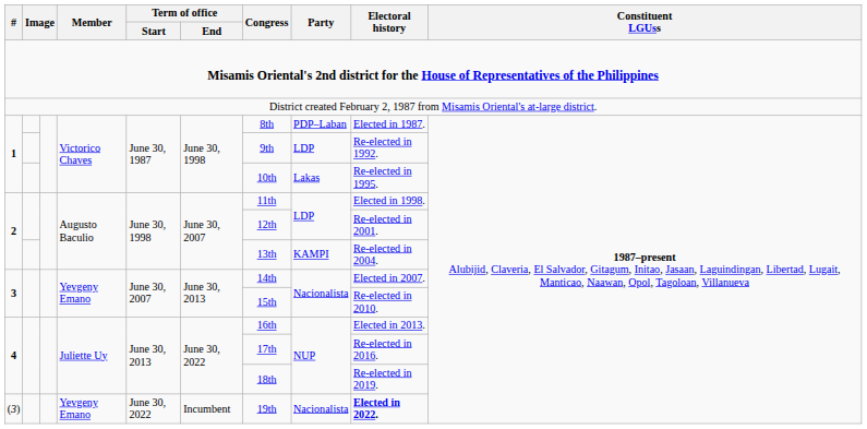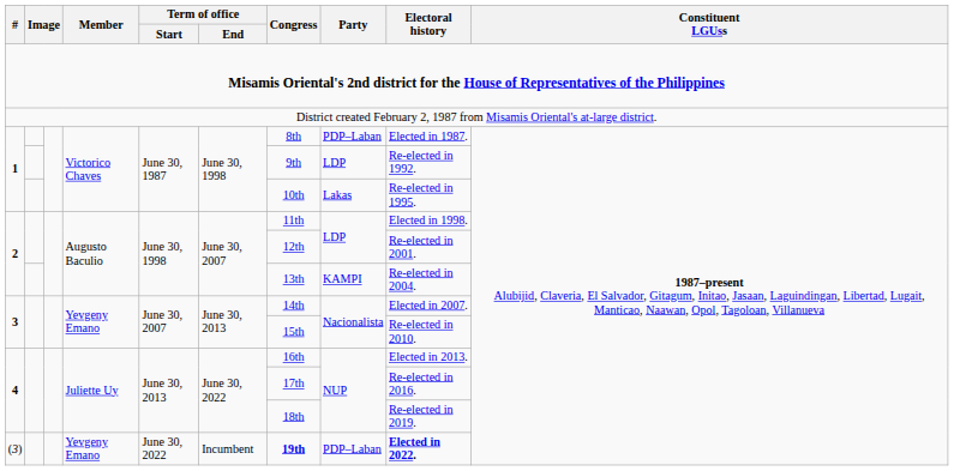 <table class=wikitable>
 <tr>
 <th rowspan="2">#</th>
 <th rowspan="2" colspan=2>Image</th>
 <th rowspan="2">Member</th>
 <th colspan=2>Term of office</th>
 <th rowspan="2">Congress</th>
 <th rowspan="2">Party</th>
 <th rowspan="2">Electoral history</th>
 <th rowspan="2">Constituent<br><a href='#'>LGUs</a>s</th>
 </tr>
 <tr>
 <th>Start</th>
 <th>End</th>
 </tr>
 <tr>
 <td colspan="10" style="text-align:center;"><br><h3>Misamis Oriental's 2nd district for the <a href='#'>House of Representatives of the Philippines</a></h3></td>
 </tr>
 <tr>
 <td colspan="10" style="text-align:center;">District created February 2, 1987 from <a href='#'>Misamis Oriental's at-large district</a>.</td>
 </tr>
 <tr>
 <td rowspan="3" style="text-align:center;"><strong>1</strong></td>
 <td style="color:inherit;background:"></td>
 <td rowspan="3"></td>
 <td rowspan="3"><a href='#'>Victorico Chaves</a></td>
 <td rowspan="3">June 30, 1987</td>
 <td rowspan="3">June 30, 1998</td>
 <td style="text-align:center;"><a href='#'>8th</a></td>
 <td><a href='#'>PDP–Laban</a></td>
 <td><a href='#'>Elected in 1987</a>.</td>
 <td rowspan="12" style="text-align:center;"><strong>1987–present</strong><br><a href='#'>Alubijid</a>, <a href='#'>Claveria</a>, <a href='#'>El Salvador</a>, <a href='#'>Gitagum</a>, <a href='#'>Initao</a>, <a href='#'>Jasaan</a>, <a href='#'>Laguindingan</a>, <a href='#'>Libertad</a>, <a href='#'>Lugait</a>, <a href='#'>Manticao</a>, <a href='#'>Naawan</a>, <a href='#'>Opol</a>, <a href='#'>Tagoloan</a>, <a href='#'>Villanueva</a></td>
 </tr>
 <tr>
 <td style="color:inherit;background:"></td>
 <td style="text-align:center;"><a href='#'>9th</a></td>
 <td><a href='#'>LDP</a></td>
 <td><a href='#'>Re-elected in 1992</a>.</td>
 </tr>
 <tr>
 <td style="color:inherit;background:"></td>
 <td style="text-align:center;"><a href='#'>10th</a></td>
 <td><a href='#'>Lakas</a></td>
 <td><a href='#'>Re-elected in 1995</a>.</td>
 </tr>
 <tr>
 <td rowspan="3" style="text-align:center;"><strong>2</strong></td>
 <td rowspan="2" style="color:inherit;background:"></td>
 <td rowspan="3"></td>
 <td rowspan="3">Augusto Baculio</td>
 <td rowspan="3">June 30, 1998</td>
 <td rowspan="3">June 30, 2007</td>
 <td style="text-align:center;"><a href='#'>11th</a></td>
 <td rowspan="2"><a href='#'>LDP</a></td>
 <td><a href='#'>Elected in 1998</a>.</td>
 </tr>
 <tr>
 <td style="text-align:center;"><a href='#'>12th</a></td>
 <td><a href='#'>Re-elected in 2001</a>.</td>
 </tr>
 <tr>
 <td style="color:inherit;background:"></td>
 <td style="text-align:center;"><a href='#'>13th</a></td>
 <td><a href='#'>KAMPI</a></td>
 <td><a href='#'>Re-elected in 2004</a>.</td>
 </tr>
 <tr>
 <td rowspan="2" style="text-align:center;"><strong>3</strong></td>
 <td rowspan="2" style="color:inherit;background:"></td>
 <td rowspan="2"></td>
 <td rowspan="2"><a href='#'>Yevgeny Emano</a></td>
 <td rowspan="2">June 30, 2007</td>
 <td rowspan="2">June 30, 2013</td>
 <td style="text-align:center;"><a href='#'>14th</a></td>
 <td rowspan="2"><a href='#'>Nacionalista</a></td>
 <td><a href='#'>Elected in 2007</a>.</td>
 </tr>
 <tr>
 <td style="text-align:center;"><a href='#'>15th</a></td>
 <td><a href='#'>Re-elected in 2010</a>.</td>
 </tr>
 <tr>
 <td rowspan="3" style="text-align:center;"><strong>4</strong></td>
 <td rowspan="3" style="color:inherit;background:"></td>
 <td rowspan="3"></td>
 <td rowspan="3"><a href='#'>Juliette Uy</a></td>
 <td rowspan="3">June 30, 2013</td>
 <td rowspan="3">June 30, 2022</td>
 <td style="text-align:center;"><a href='#'>16th</a></td>
 <td rowspan="3"><a href='#'>NUP</a></td>
 <td><a href='#'>Elected in 2013</a>.</td>
 </tr>
 <tr>
 <td style="text-align:center;"><a href='#'>17th</a></td>
 <td><a href='#'>Re-elected in 2016</a>.</td>
 </tr>
 <tr>
 <td style="text-align:center;"><a href='#'>18th</a></td>
 <td><a href='#'>Re-elected in 2019</a>.</td>
 </tr>
 <tr>
 <td style="text-align:center;">(<em>3</em>)</td>
 <td style="color:inherit;background:"></td>
 <td></td>
 <td><a href='#'>Yevgeny Emano</a></td>
 <td>June 30, 2022</td>
 <td>Incumbent</td>
-<td style="text-align:center;"><a href='#'>19th</a></td>
-<td><a href='#'>Nacionalista</a></td>
+<td style="text-align:center;"><strong><a href='#'>19th</a></strong></td>
+<td><a href='#'>PDP–Laban</a></td>
 <td><strong><a href='#'>Elected in 2022</a>.</strong></td>
 </tr>
 </table>
